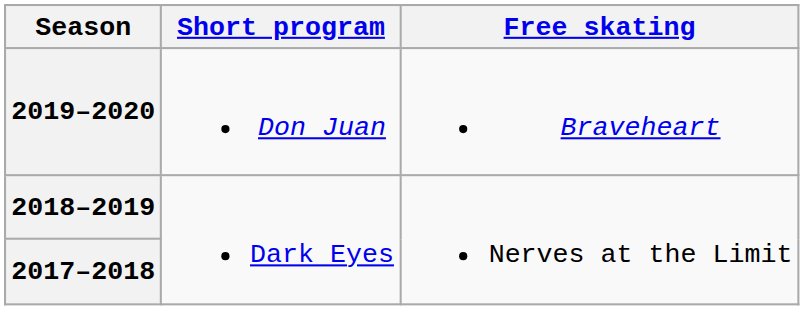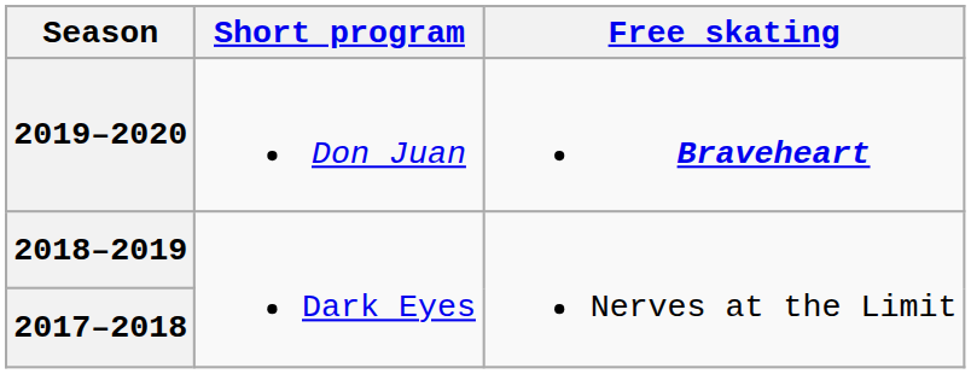 <table class=wikitable style=text-align:center>
 <tr>
 <th>Season</th>
 <th><a href='#'>Short program</a></th>
 <th><a href='#'>Free skating</a></th>
 </tr>
 <tr>
 <th>2019–2020<br></th>
 <td><br><ul><li><em><a href='#'>Don Juan</a></em><br></li></ul></td>
-<td><br><ul><li><em><a href='#'>Braveheart</a></em><br></li></ul></td>
+<td><strong><br><ul><li><em><a href='#'>Braveheart</a></em><br></li></ul></strong></td>
 </tr>
 <tr>
 <th>2018–2019 <br></th>
 <td rowspan="2"><br><ul><li><a href='#'>Dark Eyes</a> <br></li></ul></td>
 <td rowspan="2"><br><ul><li>Nerves at the Limit <br></li></ul></td>
 </tr>
 <tr>
 <th>2017–2018 <br></th>
 </tr>
 </table>
